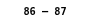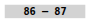 <table style="text-align:center">
 <tr>
 <th width=200></th>
 <th width=100></th>
 <th width=200></th>
 </tr>
 <tr>
 <td align=right></td>
-<td><strong>86 – 87</strong></td>
+<td style="background: lightgrey;"><strong>86 – 87</strong></td>
 <td align=left><strong></strong></td>
 </tr>
 </table>
